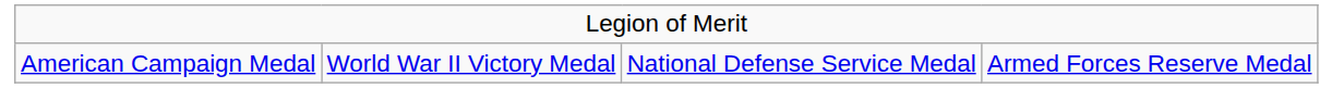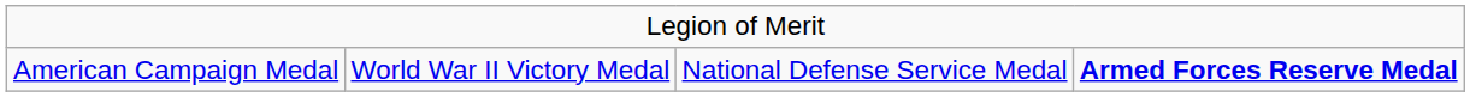 <table class="wikitable" style="margin:1em auto; text-align:center;">
 <tr>
 <td colspan="4">Legion of Merit</td>
 </tr>
 <tr>
 <td><a href='#'>American Campaign Medal</a></td>
 <td><a href='#'>World War II Victory Medal</a></td>
 <td><a href='#'>National Defense Service Medal</a></td>
-<td><a href='#'>Armed Forces Reserve Medal</a></td>
+<td><strong><a href='#'>Armed Forces Reserve Medal</a></strong></td>
 </tr>
 </table>
